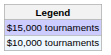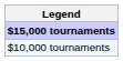 <table class=wikitable style="font-size:85%">
 <tr>
 <th>Legend</th>
 </tr>
 <tr style="background:#ccccff;">
-<td>$15,000 tournaments</td>
+<td><strong>$15,000 tournaments</strong></td>
 </tr>
 <tr style="background:#f0f8ff;">
 <td>$10,000 tournaments</td>
 </tr>
 </table>
